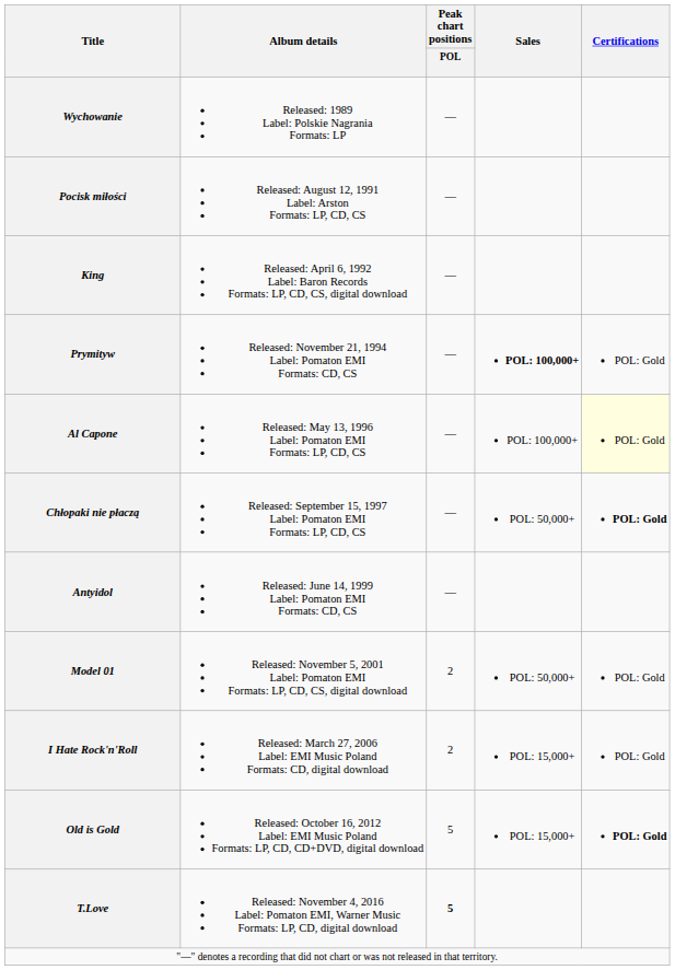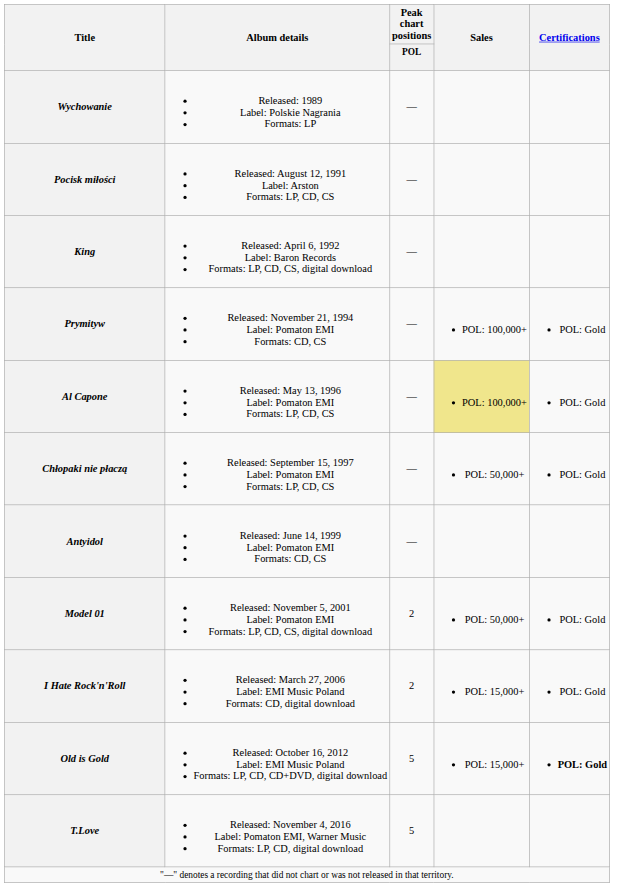 <table class="wikitable plainrowheaders" style="text-align:center;">
 <tr>
 <th scope="col" rowspan="2" style="width:15em;">Title</th>
 <th scope="col" rowspan="2">Album details</th>
 <th scope="col" colspan="1">Peak chart positions</th>
 <th scope="col" rowspan="2">Sales</th>
 <th scope="col" rowspan="2"><a href='#'>Certifications</a></th>
 </tr>
 <tr>
 <th scope="col" style="width:3em;font-size:90%;">POL<br><br></th>
 </tr>
 <tr>
 <th scope="row"><em>Wychowanie</em></th>
 <td><br><ul><li>Released: 1989</li><li>Label: Polskie Nagrania</li><li>Formats: LP</li></ul></td>
 <td>—</td>
 <td></td>
 <td></td>
 </tr>
 <tr>
 <th scope="row"><em>Pocisk miłości</em></th>
 <td><br><ul><li>Released: August 12, 1991</li><li>Label: Arston</li><li>Formats: LP, CD, CS</li></ul></td>
 <td>—</td>
 <td></td>
 <td></td>
 </tr>
 <tr>
 <th scope="row"><em>King</em></th>
 <td><br><ul><li>Released: April 6, 1992</li><li>Label: Baron Records</li><li>Formats: LP, CD, CS, digital download</li></ul></td>
 <td>—</td>
 <td></td>
 <td></td>
 </tr>
 <tr>
 <th scope="row"><em>Prymityw</em></th>
 <td><br><ul><li>Released: November 21, 1994</li><li>Label: Pomaton EMI</li><li>Formats: CD, CS</li></ul></td>
 <td>—</td>
-<td><strong><br><ul><li>POL: 100,000+</li></ul></strong></td>
+<td><br><ul><li>POL: 100,000+</li></ul></td>
 <td><br><ul><li>POL: Gold</li></ul></td>
 </tr>
 <tr>
 <th scope="row"><em>Al Capone</em></th>
 <td><br><ul><li>Released: May 13, 1996</li><li>Label: Pomaton EMI</li><li>Formats: LP, CD, CS</li></ul></td>
 <td>—</td>
-<td><br><ul><li>POL: 100,000+</li></ul></td>
-<td style="background: lightyellow;"><br><ul><li>POL: Gold</li></ul></td>
+<td style="background: khaki;"><br><ul><li>POL: 100,000+</li></ul></td>
+<td><br><ul><li>POL: Gold</li></ul></td>
 </tr>
 <tr>
 <th scope="row"><em>Chłopaki nie płaczą</em></th>
 <td><br><ul><li>Released: September 15, 1997</li><li>Label: Pomaton EMI</li><li>Formats: LP, CD, CS</li></ul></td>
 <td>—</td>
 <td><br><ul><li>POL: 50,000+</li></ul></td>
-<td><strong><br><ul><li>POL: Gold</li></ul></strong></td>
+<td><br><ul><li>POL: Gold</li></ul></td>
 </tr>
 <tr>
 <th scope="row"><em>Antyidol</em></th>
 <td><br><ul><li>Released: June 14, 1999</li><li>Label: Pomaton EMI</li><li>Formats: CD, CS</li></ul></td>
 <td>—</td>
 <td></td>
 <td></td>
 </tr>
 <tr>
 <th scope="row"><em>Model 01</em></th>
 <td><br><ul><li>Released: November 5, 2001</li><li>Label: Pomaton EMI</li><li>Formats: LP, CD, CS, digital download</li></ul></td>
 <td>2</td>
 <td><br><ul><li>POL: 50,000+</li></ul></td>
 <td><br><ul><li>POL: Gold</li></ul></td>
 </tr>
 <tr>
 <th scope="row"><em>I Hate Rock'n'Roll</em></th>
 <td><br><ul><li>Released: March 27, 2006</li><li>Label: EMI Music Poland</li><li>Formats: CD, digital download</li></ul></td>
 <td>2</td>
 <td><br><ul><li>POL: 15,000+</li></ul></td>
 <td><br><ul><li>POL: Gold</li></ul></td>
 </tr>
 <tr>
 <th scope="row"><em>Old is Gold</em></th>
 <td><br><ul><li>Released: October 16, 2012</li><li>Label: EMI Music Poland</li><li>Formats: LP, CD, CD+DVD, digital download</li></ul></td>
 <td>5</td>
 <td><br><ul><li>POL: 15,000+</li></ul></td>
 <td><strong><br><ul><li>POL: Gold</li></ul></strong></td>
 </tr>
 <tr>
 <th scope="row"><em>T.Love</em></th>
 <td><br><ul><li>Released: November 4, 2016</li><li>Label: Pomaton EMI, Warner Music</li><li>Formats: LP, CD, digital download</li></ul></td>
-<td><strong>5</strong></td>
+<td>5</td>
 <td></td>
 <td></td>
 </tr>
 <tr>
 <td colspan="20" style="font-size:90%">"—" denotes a recording that did not chart or was not released in that territory.</td>
 </tr>
 </table>
